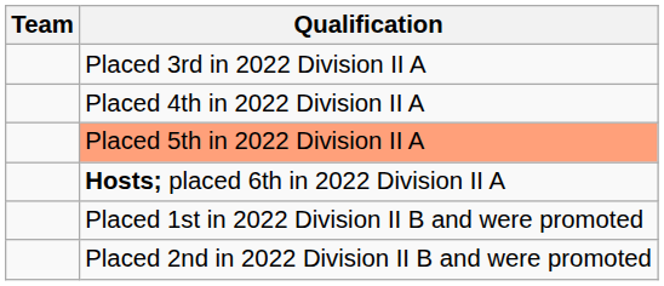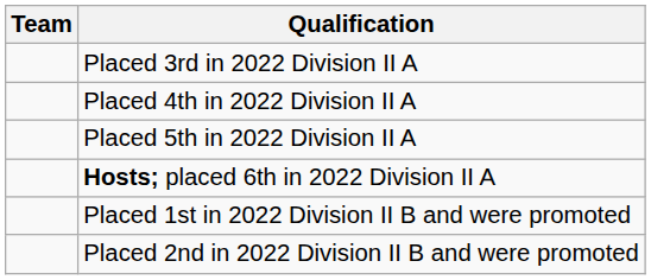 <table class="wikitable">
 <tr>
 <th>Team</th>
 <th>Qualification</th>
 </tr>
 <tr>
 <td></td>
 <td>Placed 3rd in 2022 Division II A</td>
 </tr>
 <tr>
 <td></td>
 <td>Placed 4th in 2022 Division II A</td>
 </tr>
 <tr>
 <td></td>
-<td style="background: lightsalmon;">Placed 5th in 2022 Division II A</td>
+<td>Placed 5th in 2022 Division II A</td>
 </tr>
 <tr>
 <td></td>
 <td><strong>Hosts;</strong> placed 6th in 2022 Division II A</td>
 </tr>
 <tr>
 <td></td>
 <td>Placed 1st in 2022 Division II B and were promoted</td>
 </tr>
 <tr>
 <td></td>
 <td>Placed 2nd in 2022 Division II B and were promoted</td>
 </tr>
 </table>
